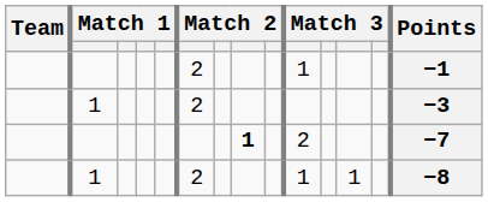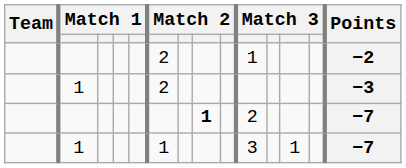 <table class="wikitable sortable" style="text-align:center;">
 <tr>
 <th rowspan=2>Team</th>
 <th colspan=4 style="border-left:3px solid gray">Match 1</th>
 <th colspan=4 style="border-left:3px solid gray">Match 2</th>
 <th colspan=4 style="border-left:3px solid gray">Match 3</th>
 <th rowspan=2 style="border-left:3px solid gray">Points</th>
 </tr>
 <tr>
 <th style="border-left:3px solid gray"></th>
 <th></th>
 <th></th>
 <th></th>
 <th style="border-left:3px solid gray"></th>
 <th></th>
 <th></th>
 <th></th>
 <th style="border-left:3px solid gray"></th>
 <th></th>
 <th></th>
 <th></th>
 </tr>
 <tr>
 <td align=left></td>
 <td style="border-left:3px solid gray"></td>
 <td></td>
 <td></td>
 <td></td>
 <td style="border-left:3px solid gray">2</td>
 <td></td>
 <td></td>
 <td></td>
 <td style="border-left:3px solid gray">1</td>
 <td></td>
 <td></td>
 <td></td>
-<th style="border-left:3px solid gray">−1</th>
+<th style="border-left:3px solid gray">−2</th>
 </tr>
 <tr>
 <td align=left></td>
 <td style="border-left:3px solid gray">1</td>
 <td></td>
 <td></td>
 <td></td>
 <td style="border-left:3px solid gray">2</td>
 <td></td>
 <td></td>
 <td></td>
 <td style="border-left:3px solid gray"></td>
 <td></td>
 <td></td>
 <td></td>
 <th style="border-left:3px solid gray">−3</th>
 </tr>
 <tr>
 <td align=left></td>
 <td style="border-left:3px solid gray"></td>
 <td></td>
 <td></td>
 <td></td>
 <td style="border-left:3px solid gray"></td>
 <td></td>
 <td><strong>1</strong></td>
 <td></td>
 <td style="border-left:3px solid gray">2</td>
 <td></td>
 <td></td>
 <td></td>
 <th style="border-left:3px solid gray">−7</th>
 </tr>
 <tr>
 <td align=left></td>
 <td style="border-left:3px solid gray">1</td>
 <td></td>
 <td></td>
 <td></td>
-<td style="border-left:3px solid gray">2</td>
+<td style="border-left:3px solid gray">1</td>
 <td></td>
 <td></td>
 <td></td>
-<td style="border-left:3px solid gray">1</td>
+<td style="border-left:3px solid gray">3</td>
 <td></td>
 <td>1</td>
 <td></td>
-<th style="border-left:3px solid gray">−8</th>
+<th style="border-left:3px solid gray">−7</th>
 </tr>
 </table>
